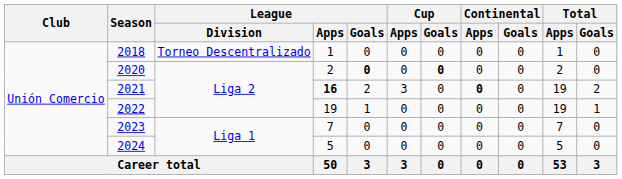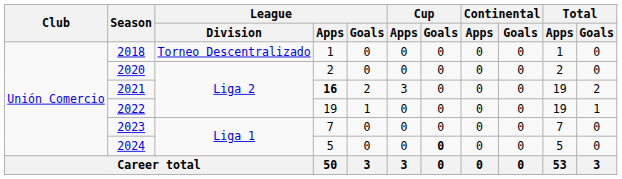 <table class=wikitable style=text-align:center>
 <tr>
 <th rowspan=2>Club</th>
 <th rowspan=2>Season</th>
 <th colspan=3>League</th>
 <th colspan=2>Cup</th>
 <th colspan=2>Continental</th>
 <th colspan=2>Total</th>
 </tr>
 <tr>
 <th>Division</th>
 <th>Apps</th>
 <th>Goals</th>
 <th>Apps</th>
 <th>Goals</th>
 <th>Apps</th>
 <th>Goals</th>
 <th>Apps</th>
 <th>Goals</th>
 </tr>
 <tr>
 <td rowspan=6><a href='#'>Unión Comercio</a></td>
 <td><a href='#'>2018</a></td>
 <td><a href='#'>Torneo Descentralizado</a></td>
 <td>1</td>
 <td>0</td>
 <td>0</td>
 <td>0</td>
 <td>0</td>
 <td>0</td>
 <td>1</td>
 <td>0</td>
 </tr>
 <tr>
 <td><a href='#'>2020</a></td>
 <td rowspan="3"><a href='#'>Liga 2</a></td>
 <td>2</td>
-<td><strong>0</strong></td>
 <td>0</td>
-<td><strong>0</strong></td>
+<td>0</td>
+<td>0</td>
 <td>0</td>
 <td>0</td>
 <td>2</td>
 <td>0</td>
 </tr>
 <tr>
 <td><a href='#'>2021</a></td>
 <td><strong>16</strong></td>
 <td>2</td>
 <td>3</td>
 <td>0</td>
-<td><strong>0</strong></td>
+<td>0</td>
 <td>0</td>
 <td>19</td>
 <td>2</td>
 </tr>
 <tr>
 <td><a href='#'>2022</a></td>
 <td>19</td>
 <td>1</td>
 <td>0</td>
 <td>0</td>
 <td>0</td>
 <td>0</td>
 <td>19</td>
 <td>1</td>
 </tr>
 <tr>
 <td><a href='#'>2023</a></td>
 <td rowspan="2"><a href='#'>Liga 1</a></td>
 <td>7</td>
 <td>0</td>
 <td>0</td>
 <td>0</td>
 <td>0</td>
 <td>0</td>
 <td>7</td>
 <td>0</td>
 </tr>
 <tr>
 <td><a href='#'>2024</a></td>
 <td>5</td>
 <td>0</td>
 <td>0</td>
-<td>0</td>
+<td><strong>0</strong></td>
 <td>0</td>
 <td>0</td>
 <td>5</td>
 <td>0</td>
 </tr>
 <tr>
 <th colspan=3>Career total</th>
 <th>50</th>
 <th>3</th>
 <th>3</th>
 <th>0</th>
 <th>0</th>
 <th>0</th>
 <th>53</th>
 <th>3</th>
 </tr>
 </table>
